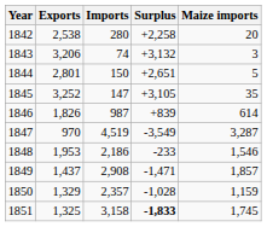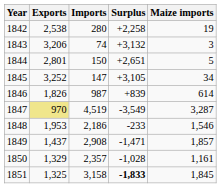 <table class="wikitable" >
 <tr>
 <th>Year</th>
 <th>Exports</th>
 <th>Imports</th>
 <th>Surplus</th>
 <th>Maize imports</th>
 </tr>
 <tr>
 <td style="text-align:right;">1842</td>
 <td style="text-align:right;">2,538</td>
 <td style="text-align:right;">280</td>
 <td style="text-align:right;">+2,258</td>
-<td style="text-align:right;">20</td>
+<td style="text-align:right;">19</td>
 </tr>
 <tr>
 <td style="text-align:right;">1843</td>
 <td style="text-align:right;">3,206</td>
 <td style="text-align:right;">74</td>
 <td style="text-align:right;">+3,132</td>
 <td style="text-align:right;">3</td>
 </tr>
 <tr>
 <td style="text-align:right;">1844</td>
 <td style="text-align:right;">2,801</td>
 <td style="text-align:right;">150</td>
 <td style="text-align:right;">+2,651</td>
 <td style="text-align:right;">5</td>
 </tr>
 <tr>
 <td style="text-align:right;">1845</td>
 <td style="text-align:right;">3,252</td>
 <td style="text-align:right;">147</td>
 <td style="text-align:right;">+3,105</td>
-<td style="text-align:right;">35</td>
+<td style="text-align:right;">34</td>
 </tr>
 <tr>
 <td style="text-align:right;">1846</td>
 <td style="text-align:right;">1,826</td>
 <td style="text-align:right;">987</td>
 <td style="text-align:right;">+839</td>
 <td style="text-align:right;">614</td>
 </tr>
 <tr>
 <td style="text-align:right;">1847</td>
-<td style="text-align:right;">970</td>
+<td style="background: khaki; text-align:right;">970</td>
 <td style="text-align:right;">4,519</td>
 <td style="text-align:right;">-3,549</td>
 <td style="text-align:right;">3,287</td>
 </tr>
 <tr>
 <td style="text-align:right;">1848</td>
 <td style="text-align:right;">1,953</td>
 <td style="text-align:right;">2,186</td>
 <td style="text-align:right;">-233</td>
 <td style="text-align:right;">1,546</td>
 </tr>
 <tr>
 <td style="text-align:right;">1849</td>
 <td style="text-align:right;">1,437</td>
 <td style="text-align:right;">2,908</td>
 <td style="text-align:right;">-1,471</td>
 <td style="text-align:right;">1,857</td>
 </tr>
 <tr>
 <td style="text-align:right;">1850</td>
 <td style="text-align:right;">1,329</td>
 <td style="text-align:right;">2,357</td>
 <td style="text-align:right;">-1,028</td>
-<td style="text-align:right;">1,159</td>
+<td style="text-align:right;">1,161</td>
 </tr>
 <tr>
 <td style="text-align:right;">1851</td>
 <td style="text-align:right;">1,325</td>
 <td style="text-align:right;">3,158</td>
 <td style="text-align:right;"><strong>-1,833</strong></td>
-<td style="text-align:right;">1,745</td>
+<td style="text-align:right;">1,845</td>
 </tr>
 </table>
